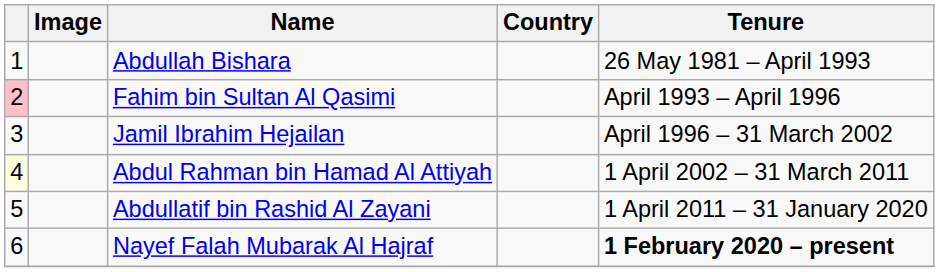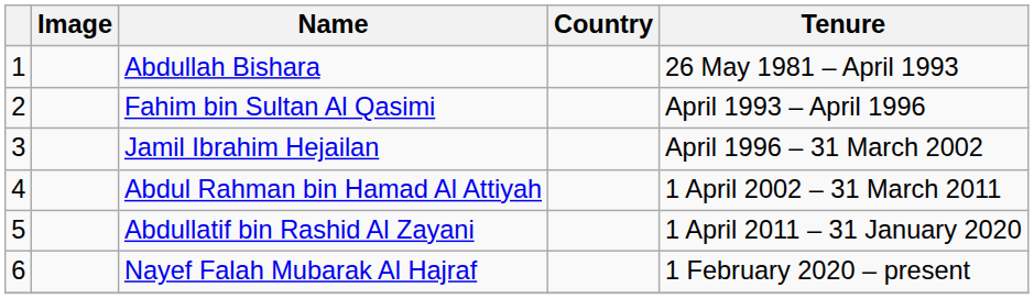 <table class="wikitable">
 <tr>
 <th></th>
 <th>Image</th>
 <th>Name</th>
 <th>Country</th>
 <th>Tenure</th>
 </tr>
 <tr>
 <td>1</td>
 <td></td>
 <td><a href='#'>Abdullah Bishara</a></td>
 <td></td>
 <td>26 May 1981 – April 1993</td>
 </tr>
 <tr>
-<td style="background: pink;">2</td>
+<td>2</td>
 <td></td>
 <td><a href='#'>Fahim bin Sultan Al Qasimi</a></td>
 <td></td>
 <td>April 1993 – April 1996</td>
 </tr>
 <tr>
 <td>3</td>
 <td></td>
 <td><a href='#'>Jamil Ibrahim Hejailan</a></td>
 <td></td>
 <td>April 1996 – 31 March 2002</td>
 </tr>
 <tr>
-<td style="background: lightyellow;">4</td>
+<td>4</td>
 <td></td>
 <td><a href='#'>Abdul Rahman bin Hamad Al Attiyah</a></td>
 <td></td>
 <td style="white-space:nowrap;">1 April 2002 – 31 March 2011</td>
 </tr>
 <tr>
 <td>5</td>
 <td></td>
 <td><a href='#'>Abdullatif bin Rashid Al Zayani</a></td>
 <td></td>
 <td>1 April 2011 – 31 January 2020</td>
 </tr>
 <tr>
 <td>6</td>
 <td></td>
 <td><a href='#'>Nayef Falah Mubarak Al Hajraf</a></td>
 <td></td>
-<td><strong>1 February 2020 – present</strong></td>
+<td>1 February 2020 – present</td>
 </tr>
 <tr>
 </tr>
 </table>
